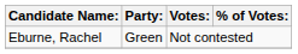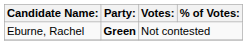 <table class="wikitable">
 <tr>
 <th>Candidate Name:</th>
 <th>Party:</th>
 <th>Votes:</th>
 <th>% of Votes:</th>
 </tr>
 <tr>
 <td>Eburne, Rachel</td>
-<td>Green</td>
+<td><strong>Green</strong></td>
 <td colspan=2>Not contested</td>
 </tr>
 <tr>
 </tr>
 </table>
